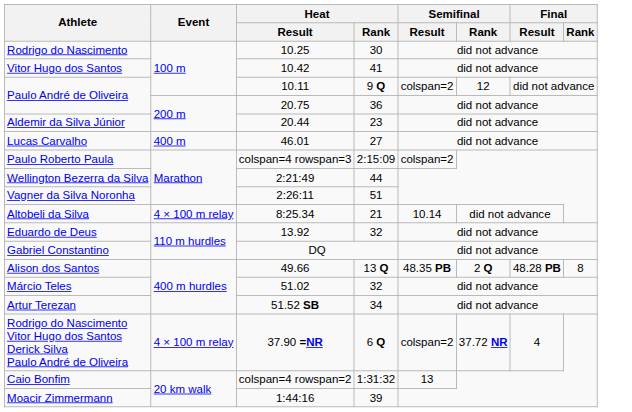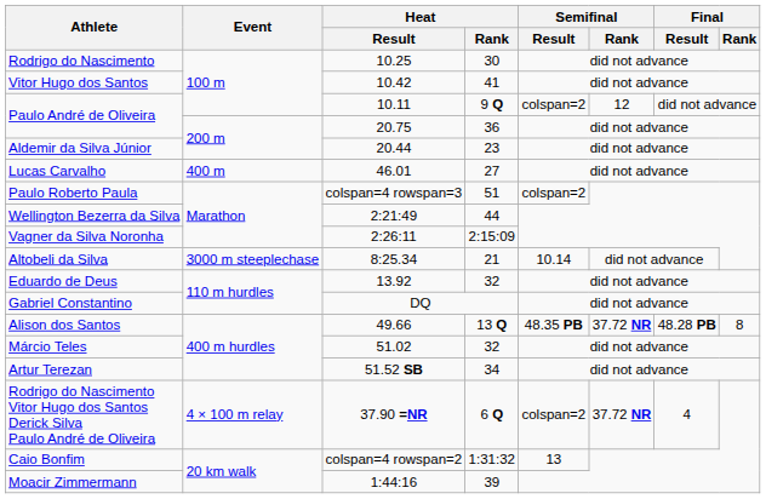 <table class="wikitable"  style=font-size:90%>
 <tr>
 <th rowspan="2">Athlete</th>
 <th rowspan="2">Event</th>
 <th colspan="2">Heat</th>
 <th colspan="2">Semifinal</th>
 <th colspan="2">Final</th>
 </tr>
 <tr>
 <th>Result</th>
 <th>Rank</th>
 <th>Result</th>
 <th>Rank</th>
 <th>Result</th>
 <th>Rank</th>
 </tr>
 <tr style=text-align:center>
 <td style=text-align:left><a href='#'>Rodrigo do Nascimento</a></td>
 <td style=text-align:left rowspan=3><a href='#'>100 m</a></td>
 <td>10.25</td>
 <td>30</td>
 <td colspan=4>did not advance</td>
 </tr>
 <tr style=text-align:center>
 <td style=text-align:left><a href='#'>Vitor Hugo dos Santos</a></td>
 <td>10.42</td>
 <td>41</td>
 <td colspan=4>did not advance</td>
 </tr>
 <tr style=text-align:center>
 <td style=text-align:left rowspan=2><a href='#'>Paulo André de Oliveira</a></td>
 <td>10.11</td>
 <td>9 <strong>Q</strong></td>
 <td>colspan=2 </td>
 <td>12</td>
 <td colspan=2>did not advance</td>
 </tr>
 <tr style=text-align:center>
 <td style=text-align:left rowspan=2><a href='#'>200 m</a></td>
 <td>20.75</td>
 <td>36</td>
 <td colspan=4>did not advance</td>
 </tr>
 <tr style=text-align:center>
 <td style=text-align:left><a href='#'>Aldemir da Silva Júnior</a></td>
 <td>20.44</td>
 <td>23</td>
 <td colspan=4>did not advance</td>
 </tr>
 <tr style=text-align:center>
 <td style=text-align:left><a href='#'>Lucas Carvalho</a></td>
 <td style=text-align:left><a href='#'>400 m</a></td>
 <td>46.01</td>
 <td>27</td>
 <td colspan=4>did not advance</td>
 </tr>
 <tr style=text-align:center>
 <td style=text-align:left><a href='#'>Paulo Roberto Paula</a></td>
 <td style=text-align:left rowspan=3><a href='#'>Marathon</a></td>
 <td>colspan=4 rowspan=3</td>
-<td>2:15:09</td>
+<td>51</td>
 <td>colspan=2 </td>
 </tr>
 <tr style=text-align:center>
 <td style=text-align:left><a href='#'>Wellington Bezerra da Silva</a></td>
 <td>2:21:49</td>
 <td>44</td>
 </tr>
 <tr style=text-align:center>
 <td style=text-align:left><a href='#'>Vagner da Silva Noronha</a></td>
 <td>2:26:11</td>
-<td>51</td>
+<td>2:15:09</td>
 </tr>
 <tr style=text-align:center>
 <td style=text-align:left><a href='#'>Altobeli da Silva</a></td>
-<td style=text-align:left><a href='#'>4 × 100 m relay</a></td>
+<td style=text-align:left><a href='#'>3000 m steeplechase</a></td>
 <td>8:25.34</td>
 <td>21</td>
 <td>10.14</td>
 <td colspan=2>did not advance</td>
 </tr>
 <tr style=text-align:center>
 <td style=text-align:left><a href='#'>Eduardo de Deus</a></td>
 <td style=text-align:left rowspan=2><a href='#'>110 m hurdles</a></td>
 <td>13.92</td>
 <td>32</td>
 <td colspan=4>did not advance</td>
 </tr>
 <tr style=text-align:center>
 <td style=text-align:left><a href='#'>Gabriel Constantino</a></td>
 <td colspan=2>DQ</td>
 <td colspan=4>did not advance</td>
 </tr>
 <tr style=text-align:center>
 <td style=text-align:left><a href='#'>Alison dos Santos</a></td>
 <td style=text-align:left rowspan=3><a href='#'>400 m hurdles</a></td>
 <td>49.66</td>
 <td>13 <strong>Q</strong></td>
 <td>48.35 <strong>PB</strong></td>
-<td>2 <strong>Q</strong></td>
+<td>37.72 <strong><a href='#'>NR</a></strong></td>
 <td>48.28 <strong>PB</strong></td>
 <td>8</td>
 </tr>
 <tr style=text-align:center>
 <td style=text-align:left><a href='#'>Márcio Teles</a></td>
 <td>51.02</td>
 <td>32</td>
 <td colspan=4>did not advance</td>
 </tr>
 <tr style=text-align:center>
 <td style=text-align:left><a href='#'>Artur Terezan</a></td>
 <td>51.52 <strong>SB</strong></td>
 <td>34</td>
 <td colspan=4>did not advance</td>
 </tr>
 <tr style=text-align:center>
 <td style=text-align:left><a href='#'>Rodrigo do Nascimento</a><br><a href='#'>Vitor Hugo dos Santos</a><br> <a href='#'>Derick Silva</a><br> <a href='#'>Paulo André de Oliveira</a></td>
 <td style=text-align:left><a href='#'>4 × 100 m relay</a></td>
 <td>37.90 <strong>=<a href='#'>NR</a></strong></td>
 <td>6 <strong>Q</strong></td>
 <td>colspan=2 </td>
 <td>37.72 <strong><a href='#'>NR</a></strong></td>
 <td>4</td>
 </tr>
 <tr style=text-align:center>
 <td style=text-align:left><a href='#'>Caio Bonfim</a></td>
 <td style=text-align:left rowspan=2><a href='#'>20 km walk</a></td>
 <td>colspan=4 rowspan=2</td>
 <td>1:31:32</td>
 <td>13</td>
 </tr>
 <tr style=text-align:center>
 <td style=text-align:left><a href='#'>Moacir Zimmermann</a></td>
 <td>1:44:16</td>
 <td>39</td>
 </tr>
 </table>
